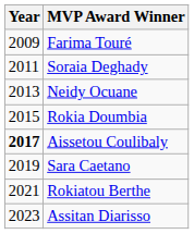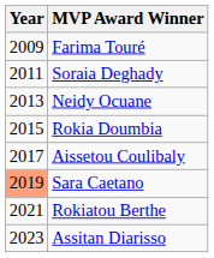 <table class=wikitable>
 <tr>
 <th>Year</th>
 <th>MVP Award Winner</th>
 </tr>
 <tr>
 <td>2009</td>
 <td> <a href='#'>Farima Touré</a></td>
 </tr>
 <tr>
 <td>2011</td>
 <td> <a href='#'>Soraia Deghady</a></td>
 </tr>
 <tr>
 <td>2013</td>
 <td> <a href='#'>Neidy Ocuane</a></td>
 </tr>
 <tr>
 <td>2015</td>
 <td> <a href='#'>Rokia Doumbia</a></td>
 </tr>
 <tr>
-<td><strong>2017</strong></td>
+<td>2017</td>
 <td> <a href='#'>Aissetou Coulibaly</a></td>
 </tr>
 <tr>
-<td>2019</td>
+<td style="background: lightsalmon;">2019</td>
 <td> <a href='#'>Sara Caetano</a></td>
 </tr>
 <tr>
 <td>2021</td>
 <td> <a href='#'>Rokiatou Berthe</a></td>
 </tr>
 <tr>
 <td>2023</td>
 <td> <a href='#'>Assitan Diarisso</a></td>
 </tr>
 </table>
